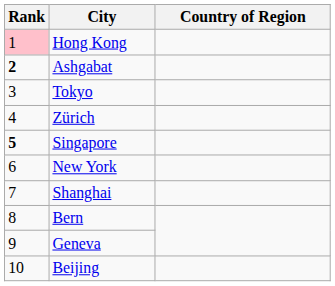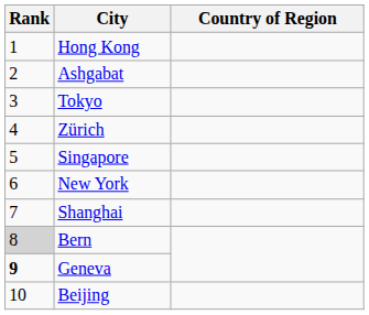 <table class="wikitable sortable">
 <tr>
 <th scope="col">Rank</th>
 <th scope="col" style="width:100px;">City</th>
 <th scope="col" style="width:170px;">Country of Region</th>
 </tr>
 <tr>
-<td style="background: pink;">1</td>
+<td>1</td>
 <td><a href='#'>Hong Kong</a></td>
 <td></td>
 </tr>
 <tr>
-<td><strong>2</strong></td>
+<td>2</td>
 <td><a href='#'>Ashgabat</a></td>
 <td></td>
 </tr>
 <tr>
 <td>3</td>
 <td><a href='#'>Tokyo</a></td>
 <td></td>
 </tr>
 <tr>
 <td>4</td>
 <td><a href='#'>Zürich</a></td>
 <td></td>
 </tr>
 <tr>
-<td><strong>5</strong></td>
+<td>5</td>
 <td><a href='#'>Singapore</a></td>
 <td></td>
 </tr>
 <tr>
 <td>6</td>
 <td><a href='#'>New York</a></td>
 <td></td>
 </tr>
 <tr>
 <td>7</td>
 <td><a href='#'>Shanghai</a></td>
 <td></td>
 </tr>
 <tr>
-<td>8</td>
+<td style="background: lightgrey;">8</td>
 <td><a href='#'>Bern</a></td>
 <td rowspan="2"></td>
 </tr>
 <tr>
-<td>9</td>
+<td><strong>9</strong></td>
 <td><a href='#'>Geneva</a></td>
 </tr>
 <tr>
 <td>10</td>
 <td><a href='#'>Beijing</a></td>
 <td></td>
 </tr>
 </table>
